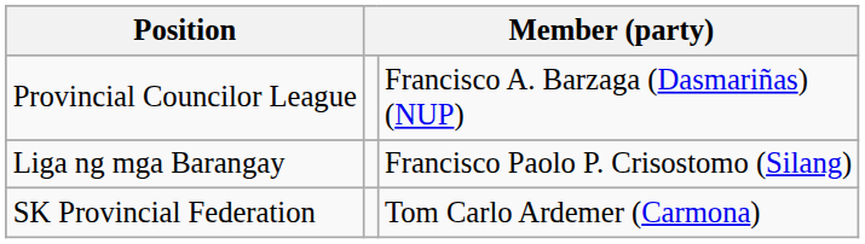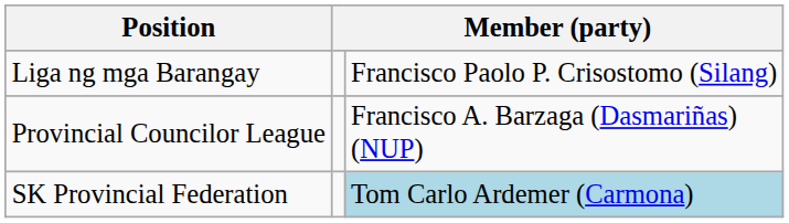 <table class="wikitable" style="font-size:90%">
 <tr>
 <th>Position</th>
 <th colspan="2" width="140px">Member (party)</th>
+</tr>
+<tr>
+<td>Liga ng mga Barangay</td>
+<td></td>
+<td>Francisco Paolo P. Crisostomo (<a href='#'>Silang</a>)</td>
 </tr>
 <tr>
 <td>Provincial Councilor League</td>
 <td></td>
 <td>Francisco A. Barzaga (<a href='#'>Dasmariñas</a>)<br>(<a href='#'>NUP</a>)</td>
 </tr>
 <tr>
-<td>Liga ng mga Barangay</td>
-<td></td>
-<td>Francisco Paolo P. Crisostomo (<a href='#'>Silang</a>)</td>
-</tr>
-<tr>
 <td>SK Provincial Federation</td>
 <td></td>
-<td>Tom Carlo Ardemer (<a href='#'>Carmona</a>)</td>
+<td style="background: lightblue;">Tom Carlo Ardemer (<a href='#'>Carmona</a>)</td>
 </tr>
 </table>
